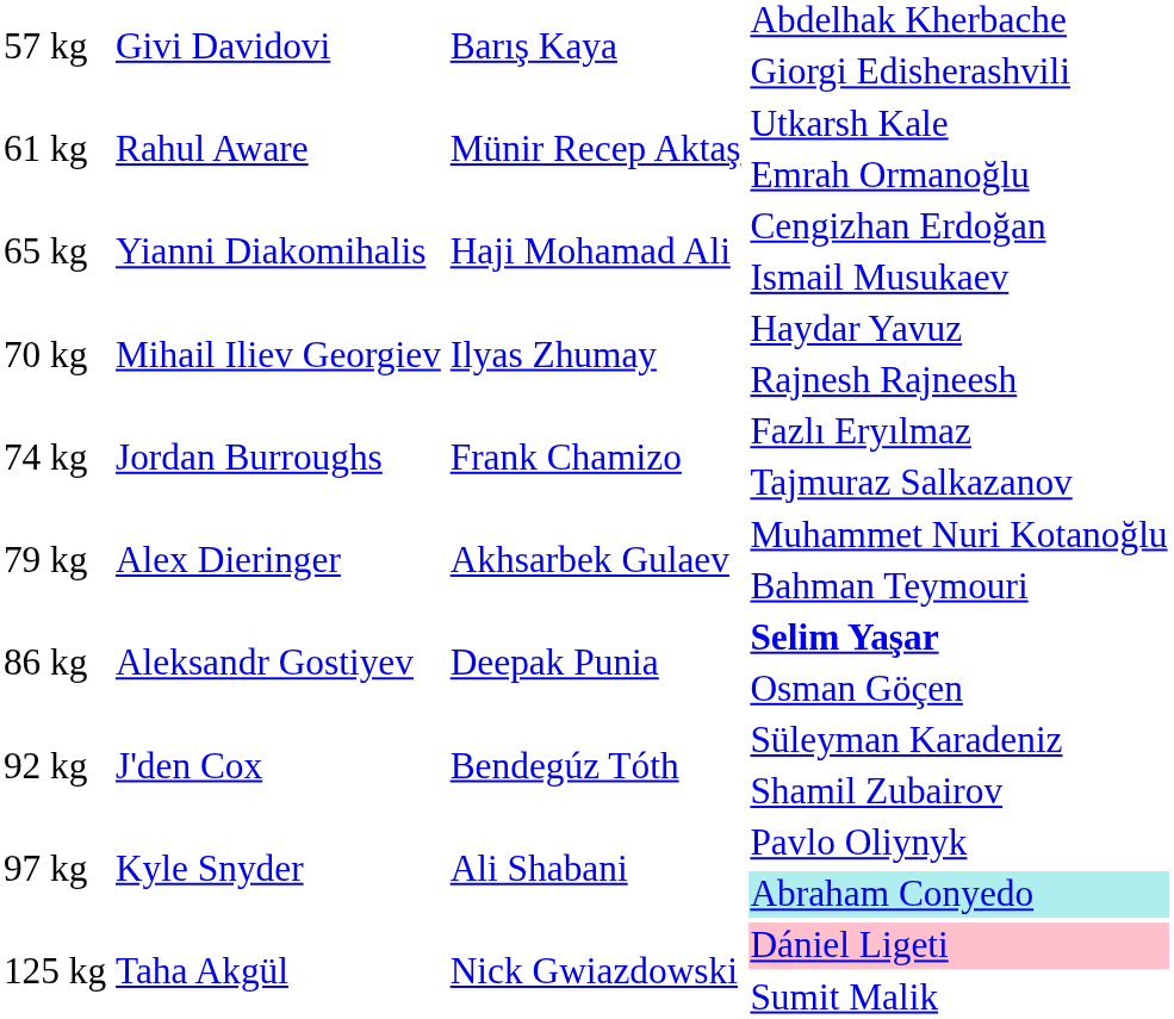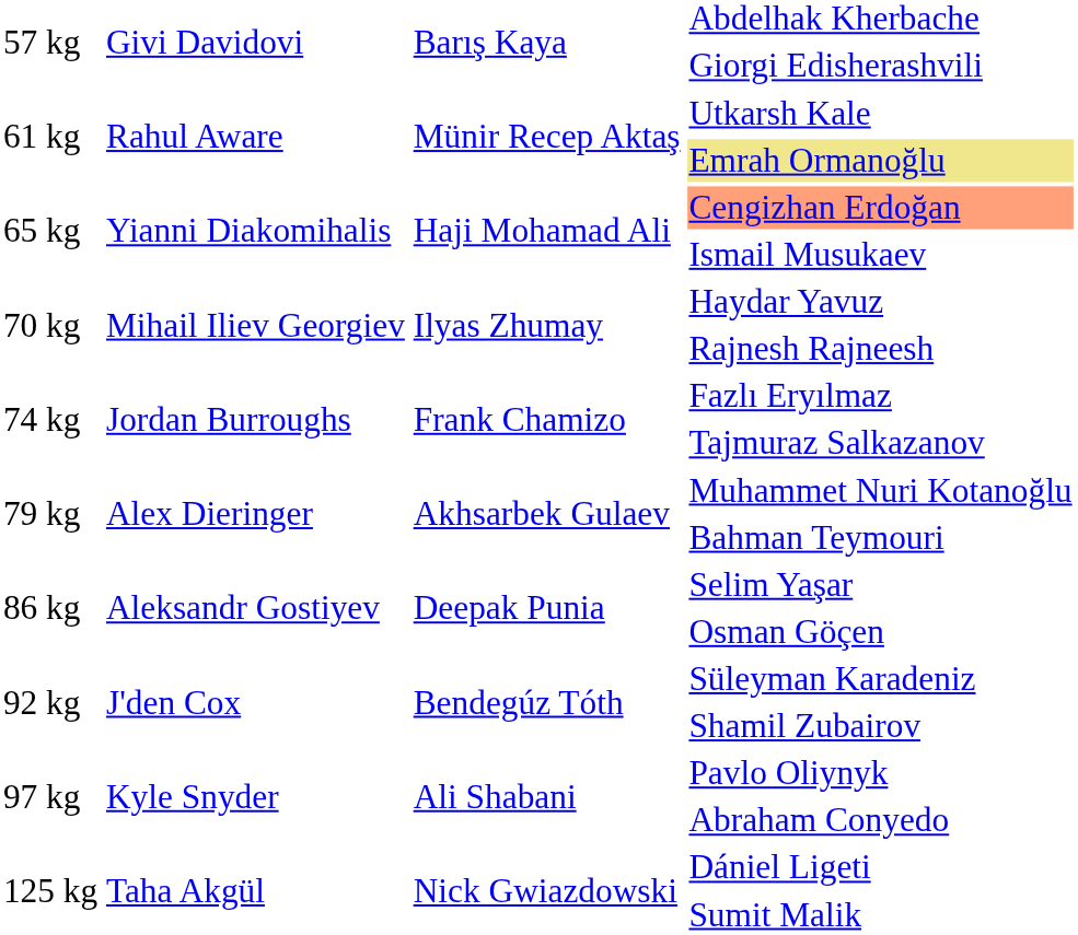 <table>
 <tr>
 <td rowspan=2>57 kg</td>
 <td rowspan=2> <a href='#'>Givi Davidovi</a></td>
 <td rowspan=2> <a href='#'>Barış Kaya</a></td>
 <td> <a href='#'>Abdelhak Kherbache</a></td>
 </tr>
 <tr>
 <td> <a href='#'>Giorgi Edisherashvili</a></td>
 </tr>
 <tr>
 <td rowspan=2>61 kg</td>
 <td rowspan=2> <a href='#'>Rahul Aware</a></td>
 <td rowspan=2> <a href='#'>Münir Recep Aktaş</a></td>
 <td> <a href='#'>Utkarsh Kale</a></td>
 </tr>
 <tr>
-<td> <a href='#'>Emrah Ormanoğlu</a></td>
+<td style="background: khaki;"> <a href='#'>Emrah Ormanoğlu</a></td>
 </tr>
 <tr>
 <td rowspan=2>65 kg</td>
 <td rowspan=2> <a href='#'>Yianni Diakomihalis</a></td>
 <td rowspan=2> <a href='#'>Haji Mohamad Ali</a></td>
-<td> <a href='#'>Cengizhan Erdoğan</a></td>
+<td style="background: lightsalmon;"> <a href='#'>Cengizhan Erdoğan</a></td>
 </tr>
 <tr>
 <td> <a href='#'>Ismail Musukaev</a></td>
 </tr>
 <tr>
 <td rowspan=2>70 kg</td>
 <td rowspan=2> <a href='#'>Mihail Iliev Georgiev</a></td>
 <td rowspan=2> <a href='#'>Ilyas Zhumay</a></td>
 <td> <a href='#'>Haydar Yavuz</a></td>
 </tr>
 <tr>
 <td> <a href='#'>Rajnesh Rajneesh</a></td>
 </tr>
 <tr>
 <td rowspan=2>74 kg</td>
 <td rowspan=2> <a href='#'>Jordan Burroughs</a></td>
 <td rowspan=2> <a href='#'>Frank Chamizo</a></td>
 <td> <a href='#'>Fazlı Eryılmaz</a></td>
 </tr>
 <tr>
 <td> <a href='#'>Tajmuraz Salkazanov</a></td>
 </tr>
 <tr>
 <td rowspan=2>79 kg</td>
 <td rowspan=2> <a href='#'>Alex Dieringer</a></td>
 <td rowspan=2> <a href='#'>Akhsarbek Gulaev</a></td>
 <td> <a href='#'>Muhammet Nuri Kotanoğlu</a></td>
 </tr>
 <tr>
 <td> <a href='#'>Bahman Teymouri</a></td>
 </tr>
 <tr>
 <td rowspan=2>86 kg</td>
 <td rowspan=2> <a href='#'>Aleksandr Gostiyev</a></td>
 <td rowspan=2> <a href='#'>Deepak Punia</a></td>
-<td><strong> <a href='#'>Selim Yaşar</a></strong></td>
+<td> <a href='#'>Selim Yaşar</a></td>
 </tr>
 <tr>
 <td> <a href='#'>Osman Göçen</a></td>
 </tr>
 <tr>
 <td rowspan=2>92 kg</td>
 <td rowspan=2> <a href='#'>J'den Cox</a></td>
 <td rowspan=2> <a href='#'>Bendegúz Tóth</a></td>
 <td> <a href='#'>Süleyman Karadeniz</a></td>
 </tr>
 <tr>
 <td> <a href='#'>Shamil Zubairov</a></td>
 </tr>
 <tr>
 <td rowspan=2>97 kg</td>
 <td rowspan=2> <a href='#'>Kyle Snyder</a></td>
 <td rowspan=2> <a href='#'>Ali Shabani</a></td>
 <td> <a href='#'>Pavlo Oliynyk</a></td>
 </tr>
 <tr>
-<td style="background: paleturquoise;"> <a href='#'>Abraham Conyedo</a></td>
+<td> <a href='#'>Abraham Conyedo</a></td>
 </tr>
 <tr>
 <td rowspan=2>125 kg</td>
 <td rowspan=2> <a href='#'>Taha Akgül</a></td>
 <td rowspan=2> <a href='#'>Nick Gwiazdowski</a></td>
-<td style="background: pink;"> <a href='#'>Dániel Ligeti</a></td>
+<td> <a href='#'>Dániel Ligeti</a></td>
 </tr>
 <tr>
 <td> <a href='#'>Sumit Malik</a></td>
 </tr>
 <tr>
 </tr>
 </table>
